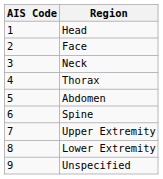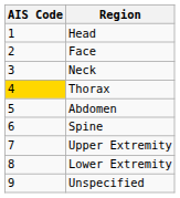 <table class="wikitable sortable">
 <tr>
 <th>AIS Code</th>
 <th>Region</th>
 </tr>
 <tr>
 <td>1</td>
 <td>Head</td>
 </tr>
 <tr>
 <td>2</td>
 <td>Face</td>
 </tr>
 <tr>
 <td>3</td>
 <td>Neck</td>
 </tr>
 <tr>
-<td>4</td>
+<td style="background: gold;">4</td>
 <td>Thorax</td>
 </tr>
 <tr>
 <td>5</td>
 <td>Abdomen</td>
 </tr>
 <tr>
 <td>6</td>
 <td>Spine</td>
 </tr>
 <tr>
 <td>7</td>
 <td>Upper Extremity</td>
 </tr>
 <tr>
 <td>8</td>
 <td>Lower Extremity</td>
 </tr>
 <tr>
 <td>9</td>
 <td>Unspecified</td>
 </tr>
 </table>
